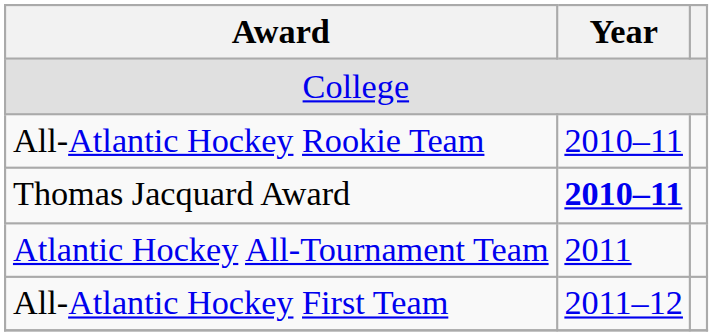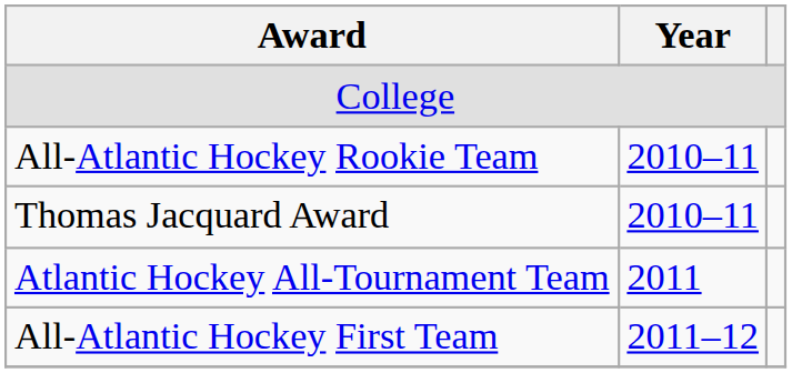 <table class="wikitable">
 <tr>
 <th>Award</th>
 <th>Year</th>
 <th></th>
 </tr>
 <tr ALIGN="center" bgcolor="#e0e0e0">
 <td colspan="3"><a href='#'>College</a></td>
 </tr>
 <tr>
 <td>All-<a href='#'>Atlantic Hockey</a> <a href='#'>Rookie Team</a></td>
 <td><a href='#'>2010–11</a></td>
 <td></td>
 </tr>
 <tr>
 <td>Thomas Jacquard Award</td>
-<td><strong><a href='#'>2010–11</a></strong></td>
+<td><a href='#'>2010–11</a></td>
 <td></td>
 </tr>
 <tr>
 <td><a href='#'>Atlantic Hockey</a> <a href='#'>All-Tournament Team</a></td>
 <td><a href='#'>2011</a></td>
 <td></td>
 </tr>
 <tr>
 <td>All-<a href='#'>Atlantic Hockey</a> <a href='#'>First Team</a></td>
 <td><a href='#'>2011–12</a></td>
 <td></td>
 </tr>
 <tr>
 </tr>
 </table>
